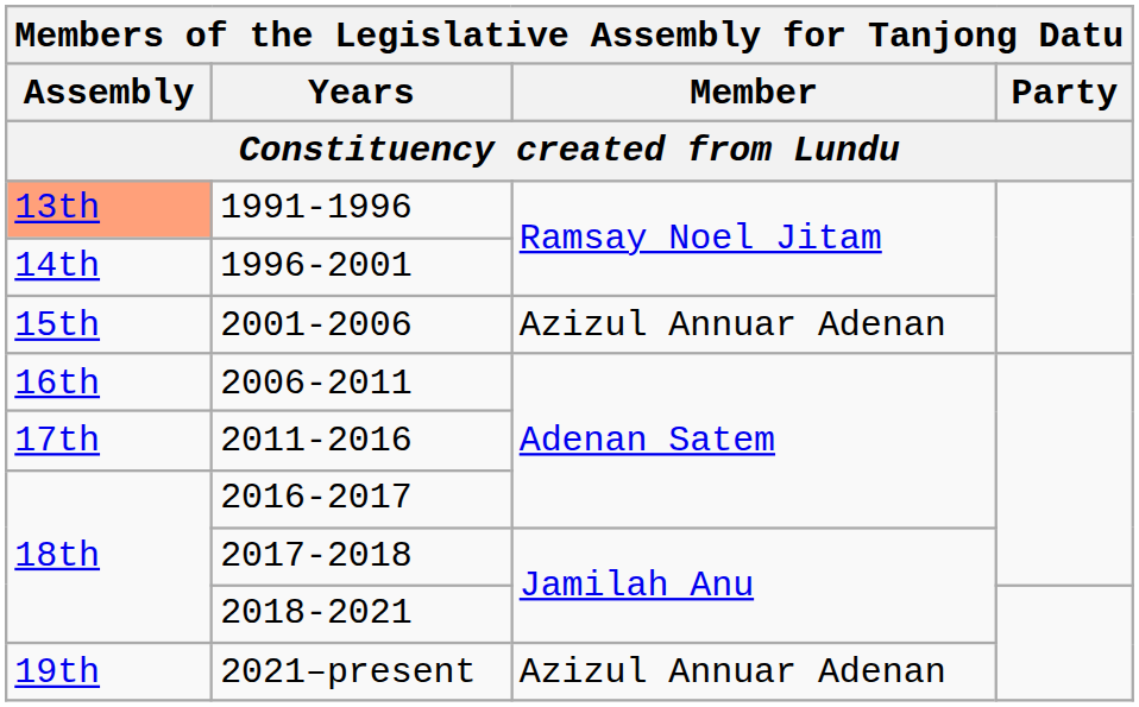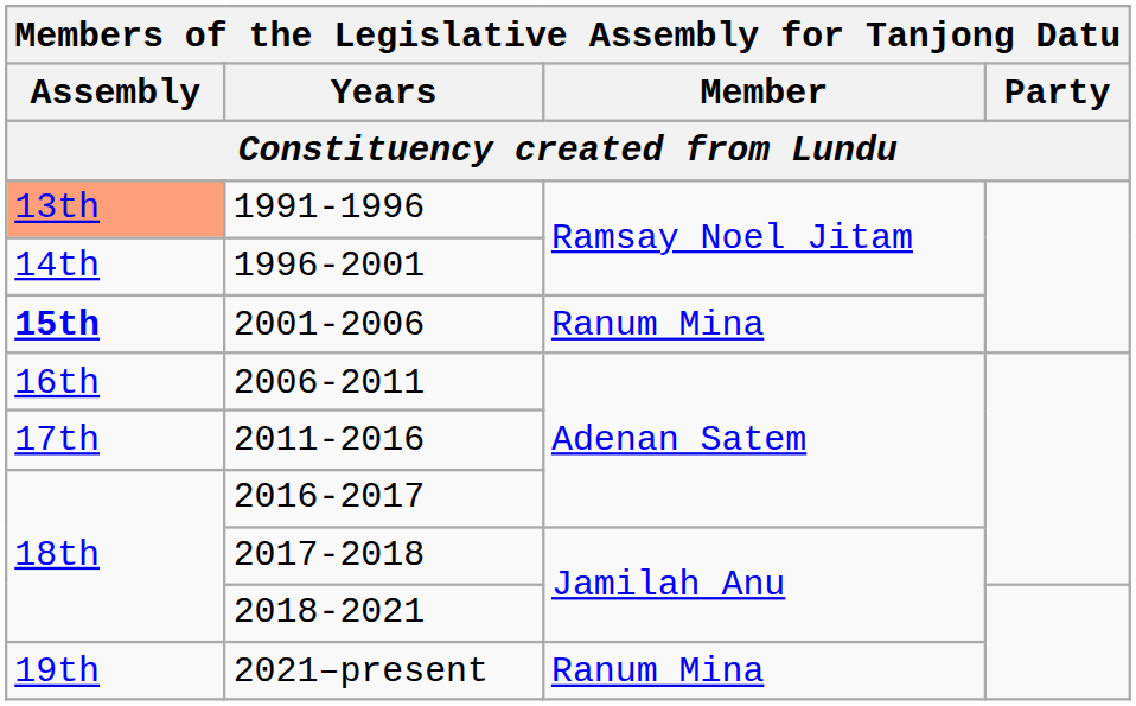 <table class=wikitable>
 <tr>
 <th colspan="4">Members of the Legislative Assembly for Tanjong Datu</th>
 </tr>
 <tr>
 <th>Assembly</th>
 <th>Years</th>
 <th>Member</th>
 <th>Party</th>
 </tr>
 <tr>
 <th colspan=4 align=center><em>Constituency created from Lundu</em></th>
 </tr>
 <tr>
 <td style="background: lightsalmon;"><a href='#'>13th</a></td>
 <td>1991-1996</td>
 <td rowspan=2><a href='#'>Ramsay Noel Jitam</a></td>
 <td rowspan=3></td>
 </tr>
 <tr>
 <td><a href='#'>14th</a></td>
 <td>1996-2001</td>
 </tr>
 <tr>
-<td><a href='#'>15th</a></td>
+<td><strong><a href='#'>15th</a></strong></td>
 <td>2001-2006</td>
-<td>Azizul Annuar Adenan</td>
+<td><a href='#'>Ranum Mina</a></td>
 </tr>
 <tr>
 <td><a href='#'>16th</a></td>
 <td>2006-2011</td>
 <td rowspan=3><a href='#'>Adenan Satem</a></td>
 <td rowspan=4></td>
 </tr>
 <tr>
 <td><a href='#'>17th</a></td>
 <td>2011-2016</td>
 </tr>
 <tr>
 <td rowspan=3><a href='#'>18th</a></td>
 <td>2016-2017</td>
 </tr>
 <tr>
 <td>2017-2018</td>
 <td rowspan=2><a href='#'>Jamilah Anu</a></td>
 </tr>
 <tr>
 <td>2018-2021</td>
 <td rowspan=2></td>
 </tr>
 <tr>
 <td><a href='#'>19th</a></td>
 <td>2021–present</td>
-<td>Azizul Annuar Adenan</td>
+<td><a href='#'>Ranum Mina</a></td>
 </tr>
 </table>
